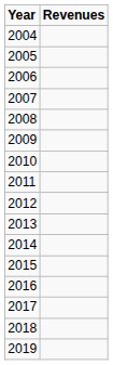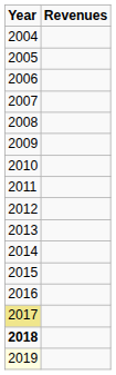 <table class="wikitable">
 <tr>
 <td><strong>Year</strong></td>
 <td><strong>Revenues</strong></td>
 </tr>
 <tr>
 <td>2004</td>
 <td> </td>
 </tr>
 <tr>
 <td>2005</td>
 <td> </td>
 </tr>
 <tr>
 <td>2006</td>
 <td> </td>
 </tr>
 <tr>
 <td>2007</td>
 <td></td>
 </tr>
 <tr>
 <td>2008</td>
 <td> </td>
 </tr>
 <tr>
 <td>2009</td>
 <td> </td>
 </tr>
 <tr>
 <td>2010</td>
 <td> </td>
 </tr>
 <tr>
 <td>2011</td>
 <td> </td>
 </tr>
 <tr>
 <td>2012</td>
 <td> </td>
 </tr>
 <tr>
 <td>2013</td>
 <td> </td>
 </tr>
 <tr>
 <td>2014</td>
 <td> </td>
 </tr>
 <tr>
 <td>2015</td>
 <td></td>
 </tr>
 <tr>
 <td>2016</td>
 <td></td>
 </tr>
 <tr>
-<td>2017</td>
+<td style="background: khaki;">2017</td>
 <td></td>
 </tr>
 <tr>
-<td>2018</td>
+<td><strong>2018</strong></td>
 <td> </td>
 </tr>
 <tr>
-<td>2019</td>
+<td style="background: lightyellow;">2019</td>
 <td></td>
 </tr>
 </table>
